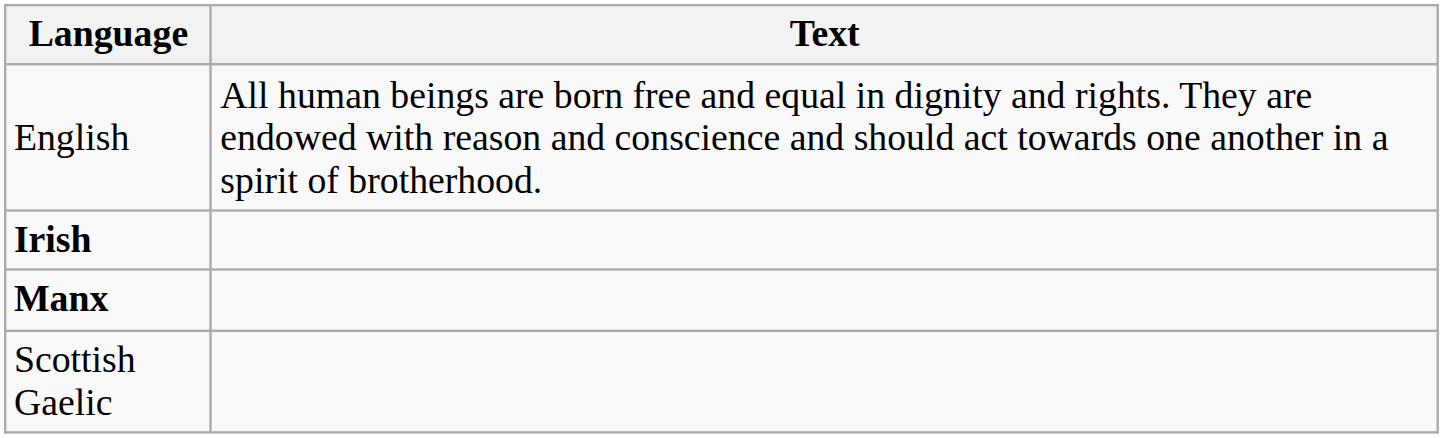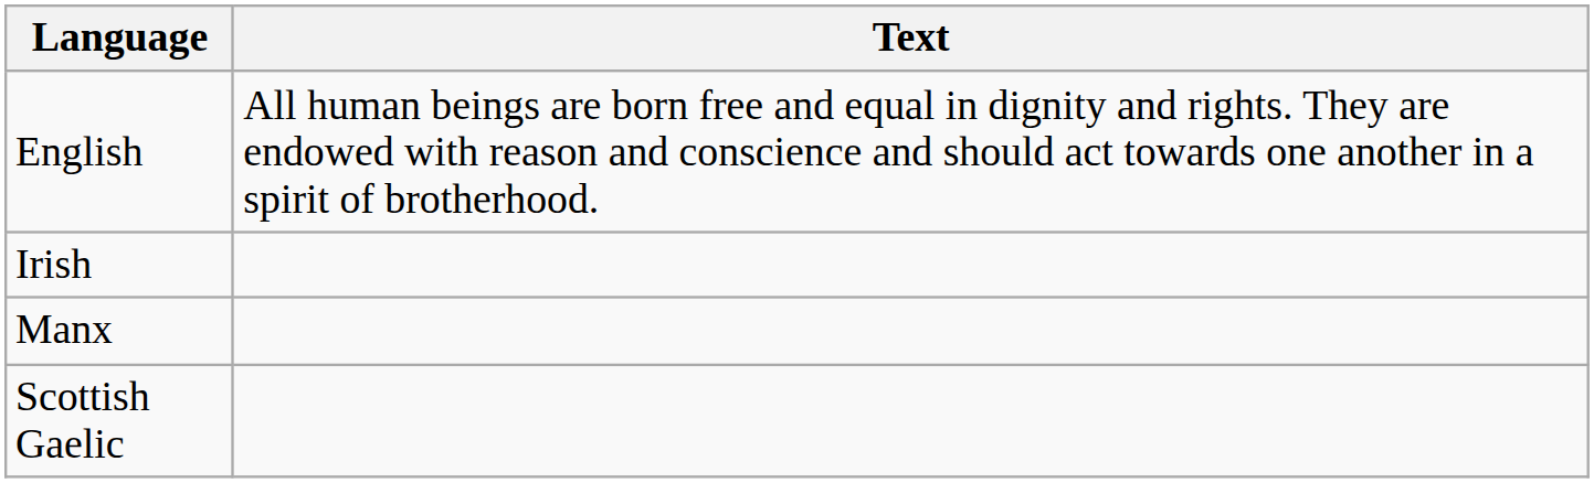 <table class="wikitable">
 <tr>
 <th>Language</th>
 <th>Text</th>
 </tr>
 <tr>
 <td>English</td>
 <td>All human beings are born free and equal in dignity and rights. They are endowed with reason and conscience and should act towards one another in a spirit of brotherhood.</td>
 </tr>
 <tr>
-<td><strong>Irish</strong></td>
+<td>Irish</td>
 <td></td>
 </tr>
 <tr>
-<td><strong>Manx</strong></td>
+<td>Manx</td>
 <td></td>
 </tr>
 <tr>
 <td>Scottish Gaelic</td>
 <td></td>
 </tr>
 </table>
